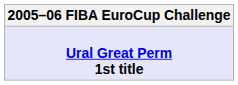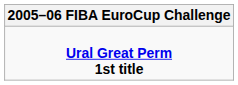 <table class=wikitable style="text-align:center; margin:auto">
 <tr>
 <th>2005–06 FIBA EuroCup Challenge</th>
 </tr>
 <tr>
-<td style="background: lavender;"> <br> <strong><a href='#'>Ural Great Perm</a></strong> <br> <strong>1st title</strong></td>
+<td> <br> <strong><a href='#'>Ural Great Perm</a></strong> <br> <strong>1st title</strong></td>
 </tr>
 </table>
